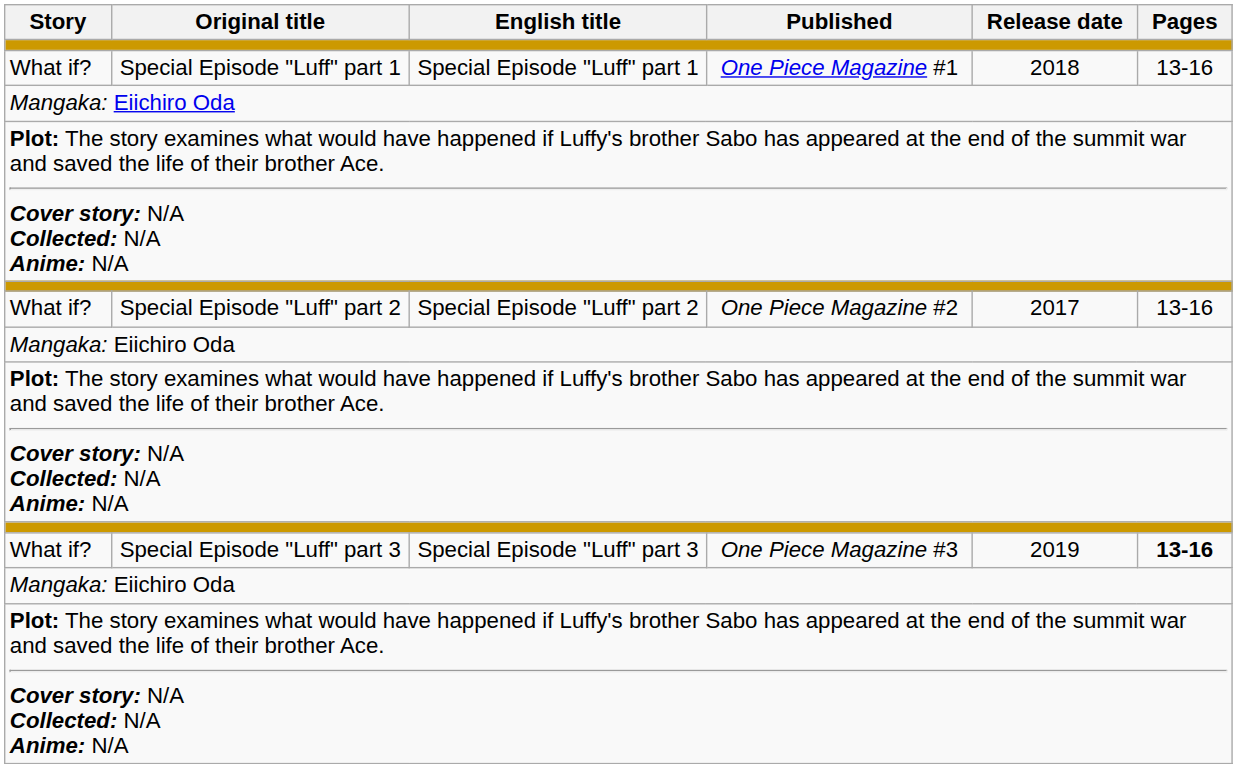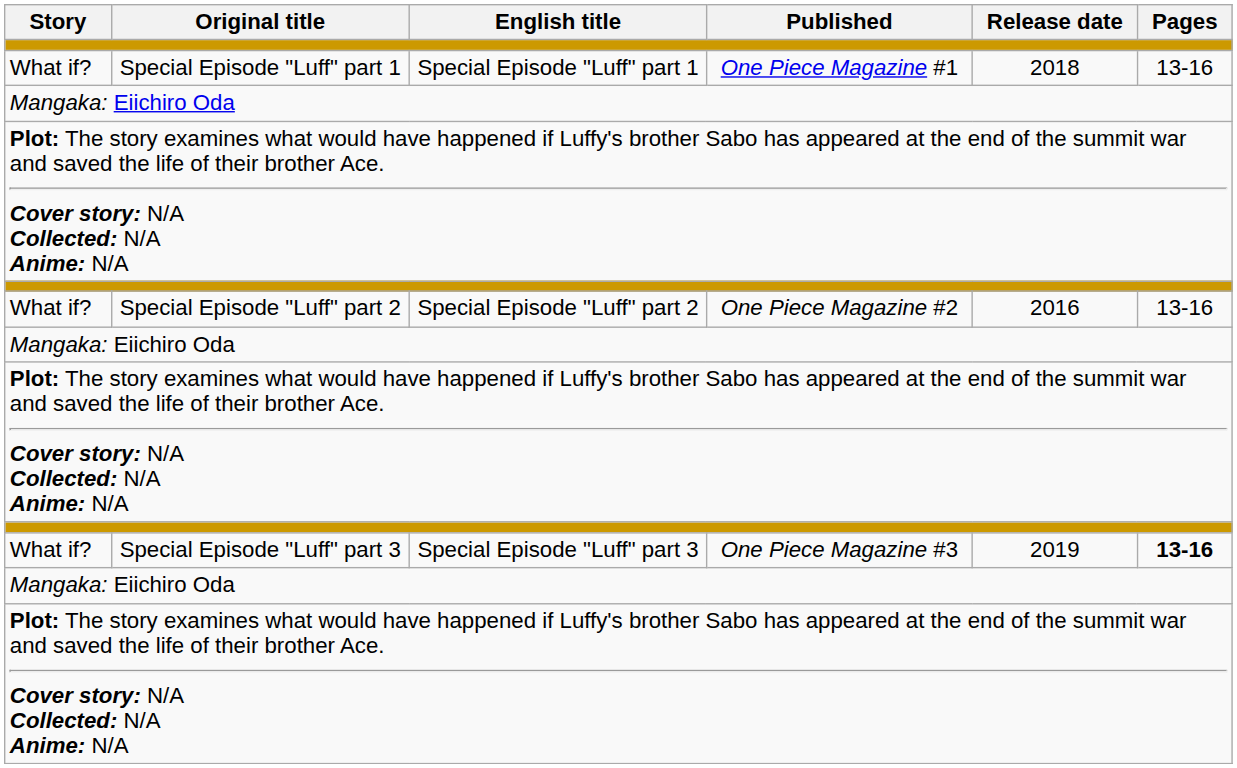 <table class="wikitable" style="width:100%;">
 <tr>
 <th>Story</th>
 <th>Original title</th>
 <th>English title</th>
 <th>Published</th>
 <th>Release date</th>
 <th>Pages</th>
 </tr>
 <tr>
 <td colspan="6" style="background:#cc9900;"></td>
 </tr>
 <tr>
 <td>What if?</td>
 <td style="text-align:center;">Special Episode "Luff" part 1</td>
 <td style="text-align:center;">Special Episode "Luff" part 1</td>
 <td style="text-align:center;"><em><a href='#'>One Piece Magazine</a></em> #1</td>
 <td style="text-align:center;">2018</td>
 <td style="text-align:center;">13-16</td>
 </tr>
 <tr>
 <td colspan="6"><em>Mangaka:</em> <a href='#'>Eiichiro Oda</a></td>
 </tr>
 <tr>
 <td colspan="6"><strong>Plot:</strong> The story examines what would have happened if Luffy's brother Sabo has appeared at the end of the summit war and saved the life of their brother Ace.<hr><strong><em>Cover story:</em></strong> N/A<br><strong><em>Collected:</em></strong> N/A<br><strong><em>Anime:</em></strong> N/A</td>
 </tr>
 <tr>
 <td colspan="6" style="background:#cc9900;"></td>
 </tr>
 <tr>
 <td>What if?</td>
 <td style="text-align:center;">Special Episode "Luff" part 2</td>
 <td style="text-align:center;">Special Episode "Luff" part 2</td>
 <td style="text-align:center;"><em>One Piece Magazine</em> #2</td>
-<td style="text-align:center;">2017</td>
+<td style="text-align:center;">2016</td>
 <td style="text-align:center;">13-16</td>
 </tr>
 <tr>
 <td colspan="6"><em>Mangaka:</em> Eiichiro Oda</td>
 </tr>
 <tr>
 <td colspan="6"><strong>Plot:</strong> The story examines what would have happened if Luffy's brother Sabo has appeared at the end of the summit war and saved the life of their brother Ace.<hr><strong><em>Cover story:</em></strong> N/A<br><strong><em>Collected:</em></strong> N/A<br><strong><em>Anime:</em></strong> N/A</td>
 </tr>
 <tr>
 <td colspan="6" style="background:#cc9900;"></td>
 </tr>
 <tr>
 <td>What if?</td>
 <td style="text-align:center;">Special Episode "Luff" part 3</td>
 <td style="text-align:center;">Special Episode "Luff" part 3</td>
 <td style="text-align:center;"><em>One Piece Magazine</em> #3</td>
 <td style="text-align:center;">2019</td>
 <td style="text-align:center;"><strong>13-16</strong></td>
 </tr>
 <tr>
 <td colspan="6"><em>Mangaka:</em> Eiichiro Oda</td>
 </tr>
 <tr>
 <td colspan="6"><strong>Plot:</strong> The story examines what would have happened if Luffy's brother Sabo has appeared at the end of the summit war and saved the life of their brother Ace.<hr><strong><em>Cover story:</em></strong> N/A<br><strong><em>Collected:</em></strong> N/A<br><strong><em>Anime:</em></strong> N/A</td>
 </tr>
 <tr>
 </tr>
 </table>
